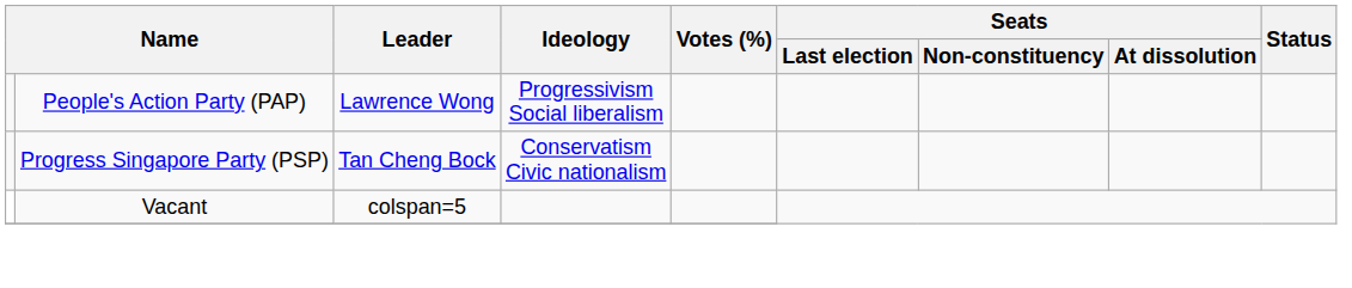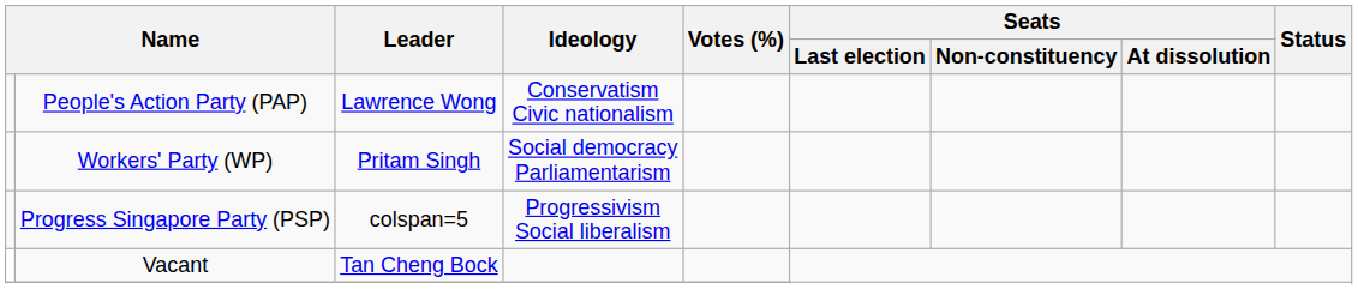 <table class="wikitable" style="text-align:center">
 <tr>
 <th colspan="2" rowspan="2">Name</th>
 <th rowspan="2">Leader</th>
 <th rowspan="2">Ideology</th>
 <th rowspan="2">Votes (%)</th>
 <th colspan="3">Seats</th>
 <th rowspan="2">Status</th>
 </tr>
 <tr>
 <th>Last election</th>
 <th>Non-constituency</th>
 <th>At dissolution</th>
 </tr>
 <tr>
 <td style="background:"></td>
 <td><a href='#'>People's Action Party</a> (PAP)</td>
 <td><a href='#'>Lawrence Wong</a></td>
-<td><a href='#'>Progressivism</a><br><a href='#'>Social liberalism</a></td>
+<td><a href='#'>Conservatism</a><br><a href='#'>Civic nationalism</a></td>
+<td></td>
+<td></td>
+<td></td>
+<td></td>
+<td></td>
+</tr>
+<tr>
+<td style="background:"></td>
+<td><a href='#'>Workers' Party</a> (WP)</td>
+<td><a href='#'>Pritam Singh</a></td>
+<td><a href='#'>Social democracy</a><br><a href='#'>Parliamentarism</a></td>
 <td></td>
 <td></td>
 <td></td>
 <td></td>
 <td></td>
 </tr>
 <tr>
 <td style="background:"></td>
 <td><a href='#'>Progress Singapore Party</a> (PSP)</td>
-<td><a href='#'>Tan Cheng Bock</a></td>
-<td><a href='#'>Conservatism</a><br><a href='#'>Civic nationalism</a></td>
+<td>colspan=5 </td>
+<td><a href='#'>Progressivism</a><br><a href='#'>Social liberalism</a></td>
 <td></td>
 <td></td>
 <td></td>
 <td></td>
 <td></td>
 </tr>
 <tr>
 <td style="background:White"></td>
 <td>Vacant</td>
-<td>colspan=5 </td>
+<td><a href='#'>Tan Cheng Bock</a></td>
 <td></td>
 <td></td>
 </tr>
 <tr>
 </tr>
 </table>
